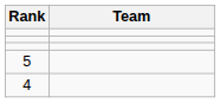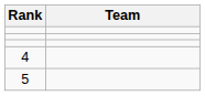 <table class="wikitable">
 <tr>
 <th>Rank</th>
 <th width=170>Team</th>
 </tr>
 <tr>
 <td align=center></td>
 <td></td>
 </tr>
 <tr>
 <td align=center></td>
 <td></td>
 </tr>
 <tr>
 <td align=center></td>
 <td></td>
 </tr>
 <tr>
+<td align=center>4</td>
+<td></td>
+</tr>
+<tr>
 <td align=center>5</td>
 <td></td>
 </tr>
-<tr>
-<td align=center>4</td>
-<td></td>
-</tr>
 </table>
